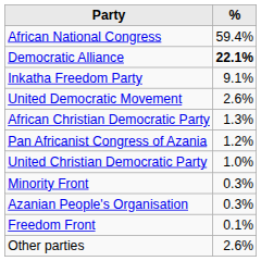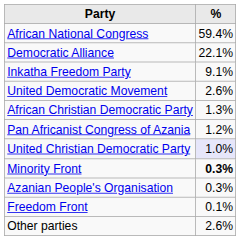 <table class="wikitable" style="font-size: 95%; text-align: right">
 <tr>
 <th style="background-color:#E9E9E9" align=left>Party</th>
 <th style="background-color:#E9E9E9" align=right>%</th>
 </tr>
 <tr>
 <td align=left><a href='#'>African National Congress</a></td>
 <td>59.4%</td>
 </tr>
 <tr>
 <td align=left><a href='#'>Democratic Alliance</a></td>
-<td><strong>22.1%</strong></td>
+<td>22.1%</td>
 </tr>
 <tr>
 <td align=left><a href='#'>Inkatha Freedom Party</a></td>
 <td>9.1%</td>
 </tr>
 <tr>
 <td align=left><a href='#'>United Democratic Movement</a></td>
 <td>2.6%</td>
 </tr>
 <tr>
 <td align=left><a href='#'>African Christian Democratic Party</a></td>
 <td>1.3%</td>
 </tr>
 <tr>
 <td align=left><a href='#'>Pan Africanist Congress of Azania</a></td>
 <td>1.2%</td>
 </tr>
 <tr>
 <td align=left><a href='#'>United Christian Democratic Party</a></td>
-<td>1.0%</td>
+<td style="background: lavender;">1.0%</td>
 </tr>
 <tr>
 <td align=left><a href='#'>Minority Front</a></td>
-<td>0.3%</td>
+<td><strong>0.3%</strong></td>
 </tr>
 <tr>
 <td align=left><a href='#'>Azanian People's Organisation</a></td>
 <td>0.3%</td>
 </tr>
 <tr>
 <td align=left><a href='#'>Freedom Front</a></td>
 <td>0.1%</td>
 </tr>
 <tr>
 <td align=left>Other parties</td>
 <td>2.6%</td>
 </tr>
 </table>
